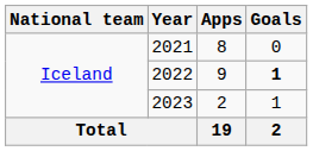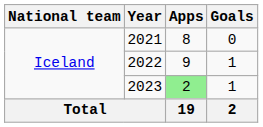 <table class="wikitable" style="text-align: center;">
 <tr>
 <th>National team</th>
 <th>Year</th>
 <th>Apps</th>
 <th>Goals</th>
 </tr>
 <tr>
 <td rowspan="3"><a href='#'>Iceland</a></td>
 <td>2021</td>
 <td>8</td>
 <td>0</td>
 </tr>
 <tr>
 <td>2022</td>
 <td>9</td>
-<td><strong>1</strong></td>
+<td>1</td>
 </tr>
 <tr>
 <td>2023</td>
-<td>2</td>
+<td style="background: lightgreen;">2</td>
 <td>1</td>
 </tr>
 <tr>
 <th colspan="2">Total</th>
 <th>19</th>
 <th>2</th>
 </tr>
 </table>
